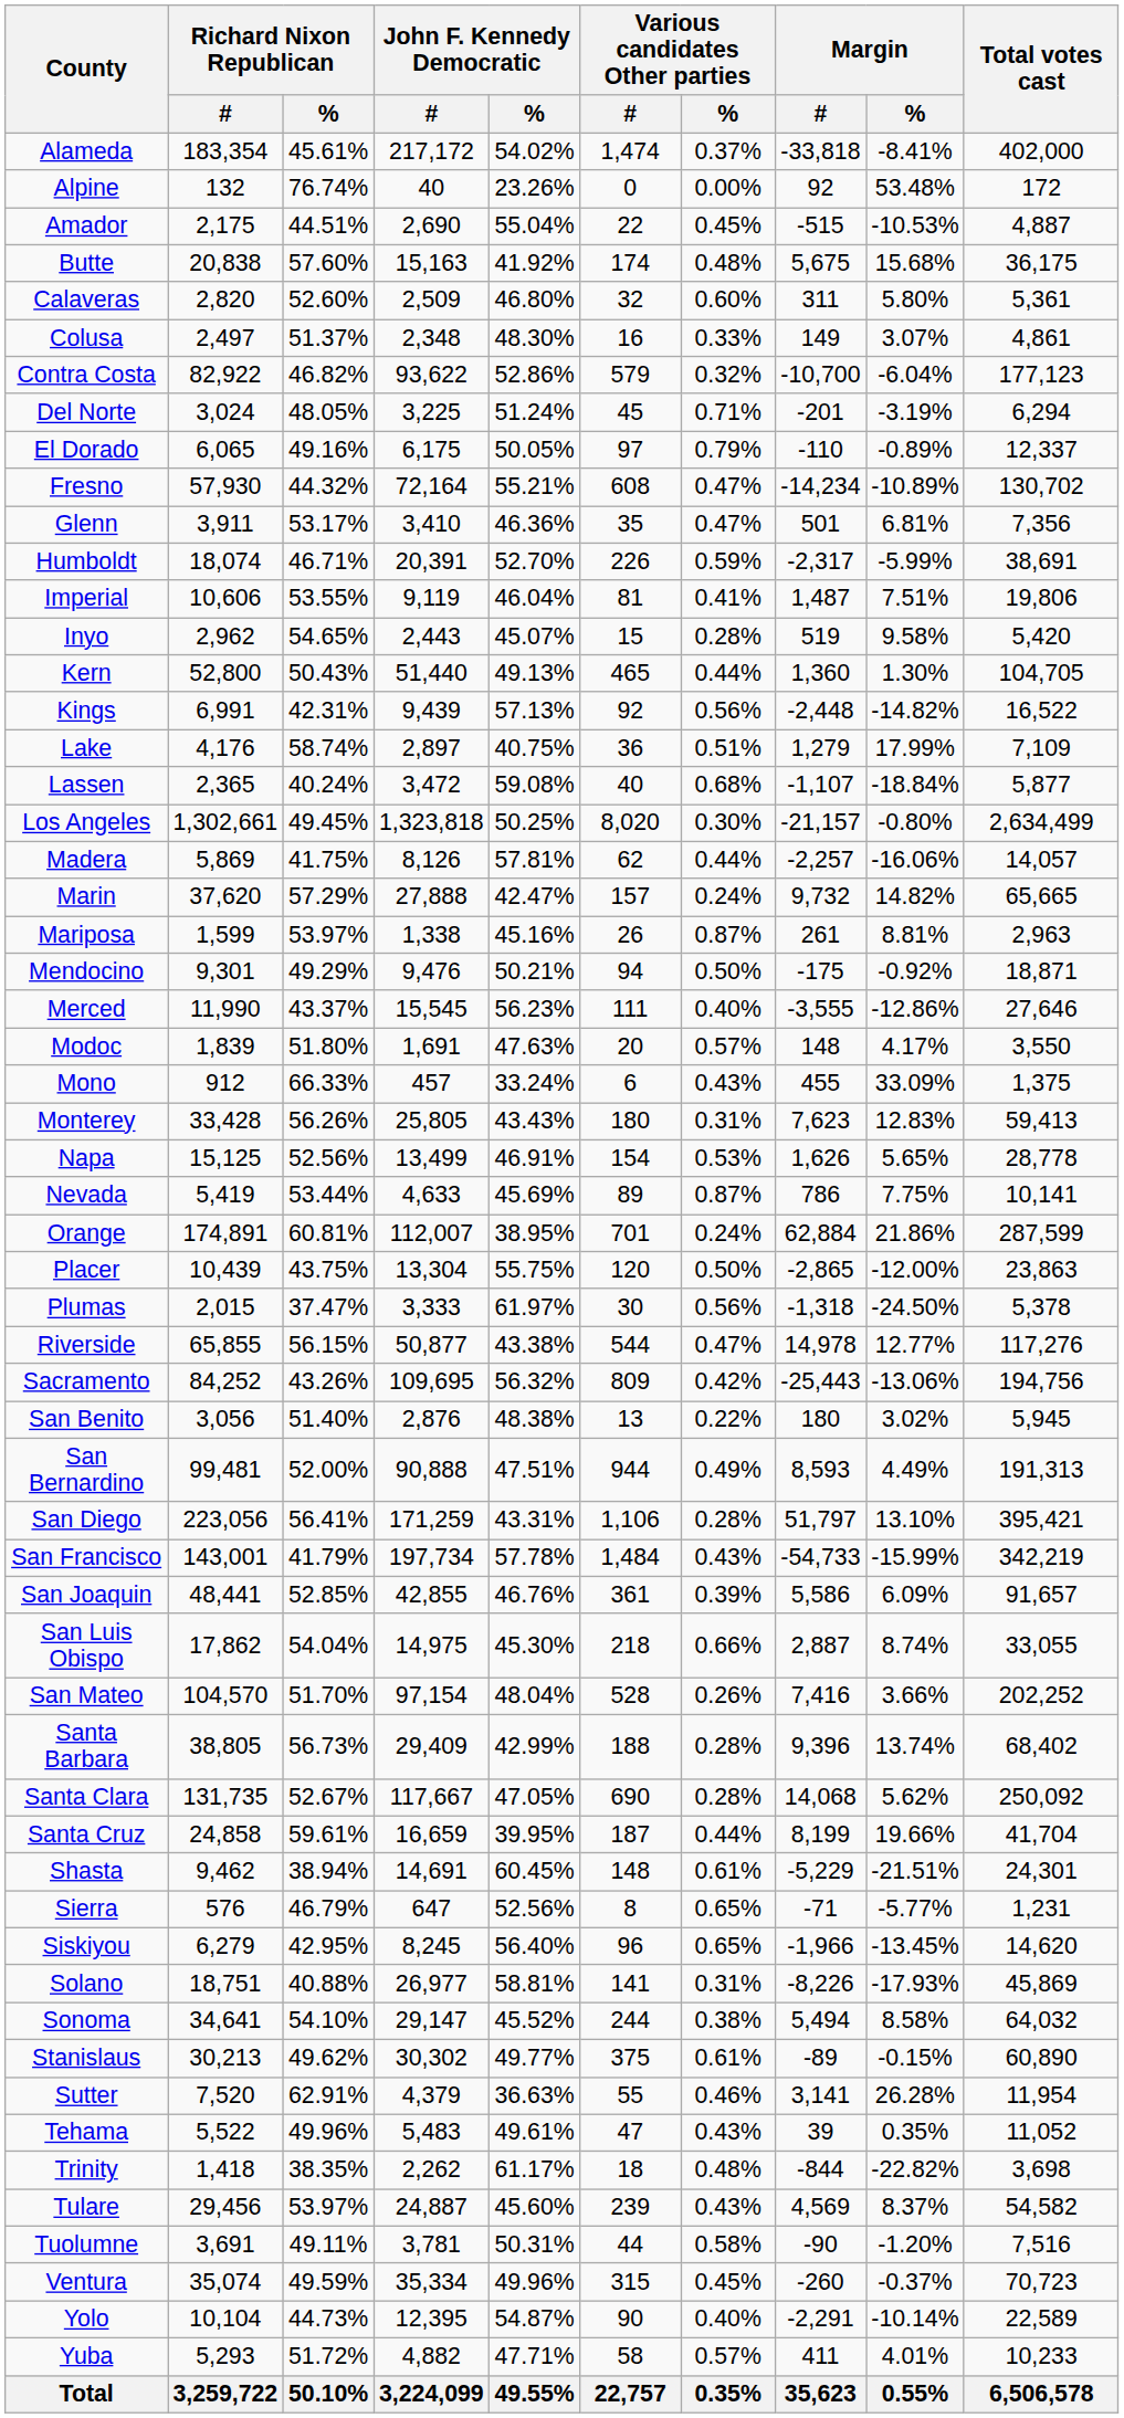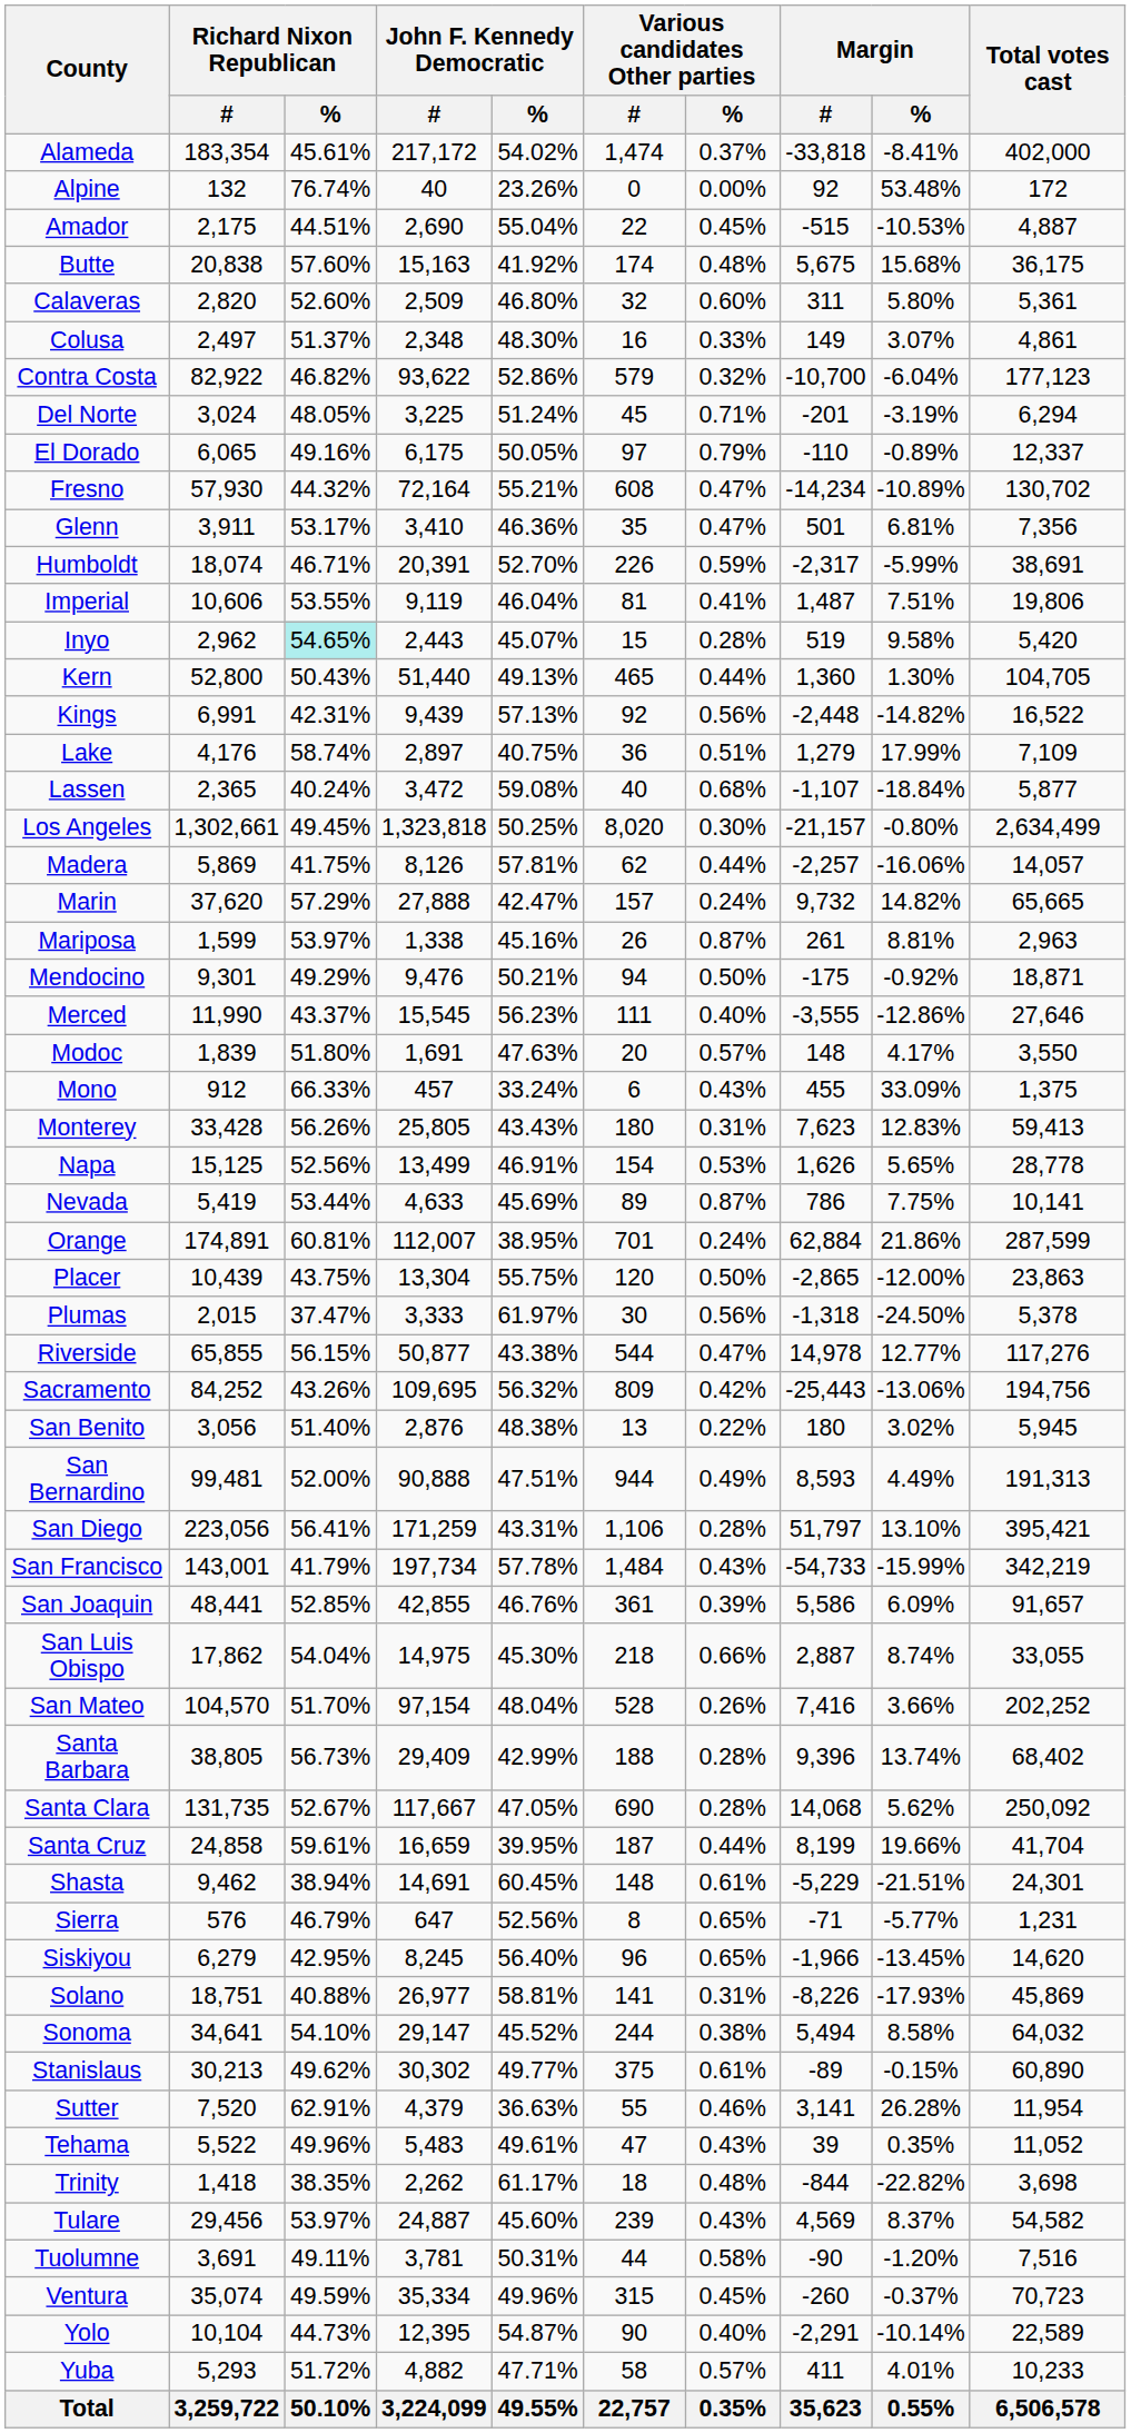 <table width="60%"  class="wikitable sortable" style="text-align:center">
 <tr>
 <th style="text-align:center;" rowspan="2">County</th>
 <th style="text-align:center;" colspan="2">Richard Nixon<br>Republican</th>
 <th style="text-align:center;" colspan="2">John F. Kennedy<br>Democratic</th>
 <th style="text-align:center;" colspan="2">Various candidates<br>Other parties</th>
 <th style="text-align:center;" colspan="2">Margin</th>
 <th style="text-align:center;" rowspan="2">Total votes cast</th>
 </tr>
 <tr>
 <th style="text-align:center;" data-sort-type="number">#</th>
 <th style="text-align:center;" data-sort-type="number">%</th>
 <th style="text-align:center;" data-sort-type="number">#</th>
 <th style="text-align:center;" data-sort-type="number">%</th>
 <th style="text-align:center;" data-sort-type="number">#</th>
 <th style="text-align:center;" data-sort-type="number">%</th>
 <th style="text-align:center;" data-sort-type="number">#</th>
 <th style="text-align:center;" data-sort-type="number">%</th>
 </tr>
 <tr style="text-align:center;">
 <td><a href='#'>Alameda</a></td>
 <td>183,354</td>
 <td>45.61%</td>
 <td>217,172</td>
 <td>54.02%</td>
 <td>1,474</td>
 <td>0.37%</td>
 <td>-33,818</td>
 <td>-8.41%</td>
 <td>402,000</td>
 </tr>
 <tr style="text-align:center;">
 <td><a href='#'>Alpine</a></td>
 <td>132</td>
 <td>76.74%</td>
 <td>40</td>
 <td>23.26%</td>
 <td>0</td>
 <td>0.00%</td>
 <td>92</td>
 <td>53.48%</td>
 <td>172</td>
 </tr>
 <tr style="text-align:center;">
 <td><a href='#'>Amador</a></td>
 <td>2,175</td>
 <td>44.51%</td>
 <td>2,690</td>
 <td>55.04%</td>
 <td>22</td>
 <td>0.45%</td>
 <td>-515</td>
 <td>-10.53%</td>
 <td>4,887</td>
 </tr>
 <tr style="text-align:center;">
 <td><a href='#'>Butte</a></td>
 <td>20,838</td>
 <td>57.60%</td>
 <td>15,163</td>
 <td>41.92%</td>
 <td>174</td>
 <td>0.48%</td>
 <td>5,675</td>
 <td>15.68%</td>
 <td>36,175</td>
 </tr>
 <tr style="text-align:center;">
 <td><a href='#'>Calaveras</a></td>
 <td>2,820</td>
 <td>52.60%</td>
 <td>2,509</td>
 <td>46.80%</td>
 <td>32</td>
 <td>0.60%</td>
 <td>311</td>
 <td>5.80%</td>
 <td>5,361</td>
 </tr>
 <tr style="text-align:center;">
 <td><a href='#'>Colusa</a></td>
 <td>2,497</td>
 <td>51.37%</td>
 <td>2,348</td>
 <td>48.30%</td>
 <td>16</td>
 <td>0.33%</td>
 <td>149</td>
 <td>3.07%</td>
 <td>4,861</td>
 </tr>
 <tr style="text-align:center;">
 <td><a href='#'>Contra Costa</a></td>
 <td>82,922</td>
 <td>46.82%</td>
 <td>93,622</td>
 <td>52.86%</td>
 <td>579</td>
 <td>0.32%</td>
 <td>-10,700</td>
 <td>-6.04%</td>
 <td>177,123</td>
 </tr>
 <tr style="text-align:center;">
 <td><a href='#'>Del Norte</a></td>
 <td>3,024</td>
 <td>48.05%</td>
 <td>3,225</td>
 <td>51.24%</td>
 <td>45</td>
 <td>0.71%</td>
 <td>-201</td>
 <td>-3.19%</td>
 <td>6,294</td>
 </tr>
 <tr style="text-align:center;">
 <td><a href='#'>El Dorado</a></td>
 <td>6,065</td>
 <td>49.16%</td>
 <td>6,175</td>
 <td>50.05%</td>
 <td>97</td>
 <td>0.79%</td>
 <td>-110</td>
 <td>-0.89%</td>
 <td>12,337</td>
 </tr>
 <tr style="text-align:center;">
 <td><a href='#'>Fresno</a></td>
 <td>57,930</td>
 <td>44.32%</td>
 <td>72,164</td>
 <td>55.21%</td>
 <td>608</td>
 <td>0.47%</td>
 <td>-14,234</td>
 <td>-10.89%</td>
 <td>130,702</td>
 </tr>
 <tr style="text-align:center;">
 <td><a href='#'>Glenn</a></td>
 <td>3,911</td>
 <td>53.17%</td>
 <td>3,410</td>
 <td>46.36%</td>
 <td>35</td>
 <td>0.47%</td>
 <td>501</td>
 <td>6.81%</td>
 <td>7,356</td>
 </tr>
 <tr style="text-align:center;">
 <td><a href='#'>Humboldt</a></td>
 <td>18,074</td>
 <td>46.71%</td>
 <td>20,391</td>
 <td>52.70%</td>
 <td>226</td>
 <td>0.59%</td>
 <td>-2,317</td>
 <td>-5.99%</td>
 <td>38,691</td>
 </tr>
 <tr style="text-align:center;">
 <td><a href='#'>Imperial</a></td>
 <td>10,606</td>
 <td>53.55%</td>
 <td>9,119</td>
 <td>46.04%</td>
 <td>81</td>
 <td>0.41%</td>
 <td>1,487</td>
 <td>7.51%</td>
 <td>19,806</td>
 </tr>
 <tr style="text-align:center;">
 <td><a href='#'>Inyo</a></td>
 <td>2,962</td>
-<td>54.65%</td>
+<td style="background: paleturquoise;">54.65%</td>
 <td>2,443</td>
 <td>45.07%</td>
 <td>15</td>
 <td>0.28%</td>
 <td>519</td>
 <td>9.58%</td>
 <td>5,420</td>
 </tr>
 <tr style="text-align:center;">
 <td><a href='#'>Kern</a></td>
 <td>52,800</td>
 <td>50.43%</td>
 <td>51,440</td>
 <td>49.13%</td>
 <td>465</td>
 <td>0.44%</td>
 <td>1,360</td>
 <td>1.30%</td>
 <td>104,705</td>
 </tr>
 <tr style="text-align:center;">
 <td><a href='#'>Kings</a></td>
 <td>6,991</td>
 <td>42.31%</td>
 <td>9,439</td>
 <td>57.13%</td>
 <td>92</td>
 <td>0.56%</td>
 <td>-2,448</td>
 <td>-14.82%</td>
 <td>16,522</td>
 </tr>
 <tr style="text-align:center;">
 <td><a href='#'>Lake</a></td>
 <td>4,176</td>
 <td>58.74%</td>
 <td>2,897</td>
 <td>40.75%</td>
 <td>36</td>
 <td>0.51%</td>
 <td>1,279</td>
 <td>17.99%</td>
 <td>7,109</td>
 </tr>
 <tr style="text-align:center;">
 <td><a href='#'>Lassen</a></td>
 <td>2,365</td>
 <td>40.24%</td>
 <td>3,472</td>
 <td>59.08%</td>
 <td>40</td>
 <td>0.68%</td>
 <td>-1,107</td>
 <td>-18.84%</td>
 <td>5,877</td>
 </tr>
 <tr style="text-align:center;">
 <td><a href='#'>Los Angeles</a></td>
 <td>1,302,661</td>
 <td>49.45%</td>
 <td>1,323,818</td>
 <td>50.25%</td>
 <td>8,020</td>
 <td>0.30%</td>
 <td>-21,157</td>
 <td>-0.80%</td>
 <td>2,634,499</td>
 </tr>
 <tr style="text-align:center;">
 <td><a href='#'>Madera</a></td>
 <td>5,869</td>
 <td>41.75%</td>
 <td>8,126</td>
 <td>57.81%</td>
 <td>62</td>
 <td>0.44%</td>
 <td>-2,257</td>
 <td>-16.06%</td>
 <td>14,057</td>
 </tr>
 <tr style="text-align:center;">
 <td><a href='#'>Marin</a></td>
 <td>37,620</td>
 <td>57.29%</td>
 <td>27,888</td>
 <td>42.47%</td>
 <td>157</td>
 <td>0.24%</td>
 <td>9,732</td>
 <td>14.82%</td>
 <td>65,665</td>
 </tr>
 <tr style="text-align:center;">
 <td><a href='#'>Mariposa</a></td>
 <td>1,599</td>
 <td>53.97%</td>
 <td>1,338</td>
 <td>45.16%</td>
 <td>26</td>
 <td>0.87%</td>
 <td>261</td>
 <td>8.81%</td>
 <td>2,963</td>
 </tr>
 <tr style="text-align:center;">
 <td><a href='#'>Mendocino</a></td>
 <td>9,301</td>
 <td>49.29%</td>
 <td>9,476</td>
 <td>50.21%</td>
 <td>94</td>
 <td>0.50%</td>
 <td>-175</td>
 <td>-0.92%</td>
 <td>18,871</td>
 </tr>
 <tr style="text-align:center;">
 <td><a href='#'>Merced</a></td>
 <td>11,990</td>
 <td>43.37%</td>
 <td>15,545</td>
 <td>56.23%</td>
 <td>111</td>
 <td>0.40%</td>
 <td>-3,555</td>
 <td>-12.86%</td>
 <td>27,646</td>
 </tr>
 <tr style="text-align:center;">
 <td><a href='#'>Modoc</a></td>
 <td>1,839</td>
 <td>51.80%</td>
 <td>1,691</td>
 <td>47.63%</td>
 <td>20</td>
 <td>0.57%</td>
 <td>148</td>
 <td>4.17%</td>
 <td>3,550</td>
 </tr>
 <tr style="text-align:center;">
 <td><a href='#'>Mono</a></td>
 <td>912</td>
 <td>66.33%</td>
 <td>457</td>
 <td>33.24%</td>
 <td>6</td>
 <td>0.43%</td>
 <td>455</td>
 <td>33.09%</td>
 <td>1,375</td>
 </tr>
 <tr style="text-align:center;">
 <td><a href='#'>Monterey</a></td>
 <td>33,428</td>
 <td>56.26%</td>
 <td>25,805</td>
 <td>43.43%</td>
 <td>180</td>
 <td>0.31%</td>
 <td>7,623</td>
 <td>12.83%</td>
 <td>59,413</td>
 </tr>
 <tr style="text-align:center;">
 <td><a href='#'>Napa</a></td>
 <td>15,125</td>
 <td>52.56%</td>
 <td>13,499</td>
 <td>46.91%</td>
 <td>154</td>
 <td>0.53%</td>
 <td>1,626</td>
 <td>5.65%</td>
 <td>28,778</td>
 </tr>
 <tr style="text-align:center;">
 <td><a href='#'>Nevada</a></td>
 <td>5,419</td>
 <td>53.44%</td>
 <td>4,633</td>
 <td>45.69%</td>
 <td>89</td>
 <td>0.87%</td>
 <td>786</td>
 <td>7.75%</td>
 <td>10,141</td>
 </tr>
 <tr style="text-align:center;">
 <td><a href='#'>Orange</a></td>
 <td>174,891</td>
 <td>60.81%</td>
 <td>112,007</td>
 <td>38.95%</td>
 <td>701</td>
 <td>0.24%</td>
 <td>62,884</td>
 <td>21.86%</td>
 <td>287,599</td>
 </tr>
 <tr style="text-align:center;">
 <td><a href='#'>Placer</a></td>
 <td>10,439</td>
 <td>43.75%</td>
 <td>13,304</td>
 <td>55.75%</td>
 <td>120</td>
 <td>0.50%</td>
 <td>-2,865</td>
 <td>-12.00%</td>
 <td>23,863</td>
 </tr>
 <tr style="text-align:center;">
 <td><a href='#'>Plumas</a></td>
 <td>2,015</td>
 <td>37.47%</td>
 <td>3,333</td>
 <td>61.97%</td>
 <td>30</td>
 <td>0.56%</td>
 <td>-1,318</td>
 <td>-24.50%</td>
 <td>5,378</td>
 </tr>
 <tr style="text-align:center;">
 <td><a href='#'>Riverside</a></td>
 <td>65,855</td>
 <td>56.15%</td>
 <td>50,877</td>
 <td>43.38%</td>
 <td>544</td>
 <td>0.47%</td>
 <td>14,978</td>
 <td>12.77%</td>
 <td>117,276</td>
 </tr>
 <tr style="text-align:center;">
 <td><a href='#'>Sacramento</a></td>
 <td>84,252</td>
 <td>43.26%</td>
 <td>109,695</td>
 <td>56.32%</td>
 <td>809</td>
 <td>0.42%</td>
 <td>-25,443</td>
 <td>-13.06%</td>
 <td>194,756</td>
 </tr>
 <tr style="text-align:center;">
 <td><a href='#'>San Benito</a></td>
 <td>3,056</td>
 <td>51.40%</td>
 <td>2,876</td>
 <td>48.38%</td>
 <td>13</td>
 <td>0.22%</td>
 <td>180</td>
 <td>3.02%</td>
 <td>5,945</td>
 </tr>
 <tr style="text-align:center;">
 <td><a href='#'>San Bernardino</a></td>
 <td>99,481</td>
 <td>52.00%</td>
 <td>90,888</td>
 <td>47.51%</td>
 <td>944</td>
 <td>0.49%</td>
 <td>8,593</td>
 <td>4.49%</td>
 <td>191,313</td>
 </tr>
 <tr style="text-align:center;">
 <td><a href='#'>San Diego</a></td>
 <td>223,056</td>
 <td>56.41%</td>
 <td>171,259</td>
 <td>43.31%</td>
 <td>1,106</td>
 <td>0.28%</td>
 <td>51,797</td>
 <td>13.10%</td>
 <td>395,421</td>
 </tr>
 <tr style="text-align:center;">
 <td><a href='#'>San Francisco</a></td>
 <td>143,001</td>
 <td>41.79%</td>
 <td>197,734</td>
 <td>57.78%</td>
 <td>1,484</td>
 <td>0.43%</td>
 <td>-54,733</td>
 <td>-15.99%</td>
 <td>342,219</td>
 </tr>
 <tr style="text-align:center;">
 <td><a href='#'>San Joaquin</a></td>
 <td>48,441</td>
 <td>52.85%</td>
 <td>42,855</td>
 <td>46.76%</td>
 <td>361</td>
 <td>0.39%</td>
 <td>5,586</td>
 <td>6.09%</td>
 <td>91,657</td>
 </tr>
 <tr style="text-align:center;">
 <td><a href='#'>San Luis Obispo</a></td>
 <td>17,862</td>
 <td>54.04%</td>
 <td>14,975</td>
 <td>45.30%</td>
 <td>218</td>
 <td>0.66%</td>
 <td>2,887</td>
 <td>8.74%</td>
 <td>33,055</td>
 </tr>
 <tr style="text-align:center;">
 <td><a href='#'>San Mateo</a></td>
 <td>104,570</td>
 <td>51.70%</td>
 <td>97,154</td>
 <td>48.04%</td>
 <td>528</td>
 <td>0.26%</td>
 <td>7,416</td>
 <td>3.66%</td>
 <td>202,252</td>
 </tr>
 <tr style="text-align:center;">
 <td><a href='#'>Santa Barbara</a></td>
 <td>38,805</td>
 <td>56.73%</td>
 <td>29,409</td>
 <td>42.99%</td>
 <td>188</td>
 <td>0.28%</td>
 <td>9,396</td>
 <td>13.74%</td>
 <td>68,402</td>
 </tr>
 <tr style="text-align:center;">
 <td><a href='#'>Santa Clara</a></td>
 <td>131,735</td>
 <td>52.67%</td>
 <td>117,667</td>
 <td>47.05%</td>
 <td>690</td>
 <td>0.28%</td>
 <td>14,068</td>
 <td>5.62%</td>
 <td>250,092</td>
 </tr>
 <tr style="text-align:center;">
 <td><a href='#'>Santa Cruz</a></td>
 <td>24,858</td>
 <td>59.61%</td>
 <td>16,659</td>
 <td>39.95%</td>
 <td>187</td>
 <td>0.44%</td>
 <td>8,199</td>
 <td>19.66%</td>
 <td>41,704</td>
 </tr>
 <tr style="text-align:center;">
 <td><a href='#'>Shasta</a></td>
 <td>9,462</td>
 <td>38.94%</td>
 <td>14,691</td>
 <td>60.45%</td>
 <td>148</td>
 <td>0.61%</td>
 <td>-5,229</td>
 <td>-21.51%</td>
 <td>24,301</td>
 </tr>
 <tr style="text-align:center;">
 <td><a href='#'>Sierra</a></td>
 <td>576</td>
 <td>46.79%</td>
 <td>647</td>
 <td>52.56%</td>
 <td>8</td>
 <td>0.65%</td>
 <td>-71</td>
 <td>-5.77%</td>
 <td>1,231</td>
 </tr>
 <tr style="text-align:center;">
 <td><a href='#'>Siskiyou</a></td>
 <td>6,279</td>
 <td>42.95%</td>
 <td>8,245</td>
 <td>56.40%</td>
 <td>96</td>
 <td>0.65%</td>
 <td>-1,966</td>
 <td>-13.45%</td>
 <td>14,620</td>
 </tr>
 <tr style="text-align:center;">
 <td><a href='#'>Solano</a></td>
 <td>18,751</td>
 <td>40.88%</td>
 <td>26,977</td>
 <td>58.81%</td>
 <td>141</td>
 <td>0.31%</td>
 <td>-8,226</td>
 <td>-17.93%</td>
 <td>45,869</td>
 </tr>
 <tr style="text-align:center;">
 <td><a href='#'>Sonoma</a></td>
 <td>34,641</td>
 <td>54.10%</td>
 <td>29,147</td>
 <td>45.52%</td>
 <td>244</td>
 <td>0.38%</td>
 <td>5,494</td>
 <td>8.58%</td>
 <td>64,032</td>
 </tr>
 <tr style="text-align:center;">
 <td><a href='#'>Stanislaus</a></td>
 <td>30,213</td>
 <td>49.62%</td>
 <td>30,302</td>
 <td>49.77%</td>
 <td>375</td>
 <td>0.61%</td>
 <td>-89</td>
 <td>-0.15%</td>
 <td>60,890</td>
 </tr>
 <tr style="text-align:center;">
 <td><a href='#'>Sutter</a></td>
 <td>7,520</td>
 <td>62.91%</td>
 <td>4,379</td>
 <td>36.63%</td>
 <td>55</td>
 <td>0.46%</td>
 <td>3,141</td>
 <td>26.28%</td>
 <td>11,954</td>
 </tr>
 <tr style="text-align:center;">
 <td><a href='#'>Tehama</a></td>
 <td>5,522</td>
 <td>49.96%</td>
 <td>5,483</td>
 <td>49.61%</td>
 <td>47</td>
 <td>0.43%</td>
 <td>39</td>
 <td>0.35%</td>
 <td>11,052</td>
 </tr>
 <tr style="text-align:center;">
 <td><a href='#'>Trinity</a></td>
 <td>1,418</td>
 <td>38.35%</td>
 <td>2,262</td>
 <td>61.17%</td>
 <td>18</td>
 <td>0.48%</td>
 <td>-844</td>
 <td>-22.82%</td>
 <td>3,698</td>
 </tr>
 <tr style="text-align:center;">
 <td><a href='#'>Tulare</a></td>
 <td>29,456</td>
 <td>53.97%</td>
 <td>24,887</td>
 <td>45.60%</td>
 <td>239</td>
 <td>0.43%</td>
 <td>4,569</td>
 <td>8.37%</td>
 <td>54,582</td>
 </tr>
 <tr style="text-align:center;">
 <td><a href='#'>Tuolumne</a></td>
 <td>3,691</td>
 <td>49.11%</td>
 <td>3,781</td>
 <td>50.31%</td>
 <td>44</td>
 <td>0.58%</td>
 <td>-90</td>
 <td>-1.20%</td>
 <td>7,516</td>
 </tr>
 <tr style="text-align:center;">
 <td><a href='#'>Ventura</a></td>
 <td>35,074</td>
 <td>49.59%</td>
 <td>35,334</td>
 <td>49.96%</td>
 <td>315</td>
 <td>0.45%</td>
 <td>-260</td>
 <td>-0.37%</td>
 <td>70,723</td>
 </tr>
 <tr style="text-align:center;">
 <td><a href='#'>Yolo</a></td>
 <td>10,104</td>
 <td>44.73%</td>
 <td>12,395</td>
 <td>54.87%</td>
 <td>90</td>
 <td>0.40%</td>
 <td>-2,291</td>
 <td>-10.14%</td>
 <td>22,589</td>
 </tr>
 <tr style="text-align:center;">
 <td><a href='#'>Yuba</a></td>
 <td>5,293</td>
 <td>51.72%</td>
 <td>4,882</td>
 <td>47.71%</td>
 <td>58</td>
 <td>0.57%</td>
 <td>411</td>
 <td>4.01%</td>
 <td>10,233</td>
 </tr>
 <tr>
 <th>Total</th>
 <th>3,259,722</th>
 <th>50.10%</th>
 <th>3,224,099</th>
 <th>49.55%</th>
 <th>22,757</th>
 <th>0.35%</th>
 <th>35,623</th>
 <th>0.55%</th>
 <th>6,506,578</th>
 </tr>
 </table>
